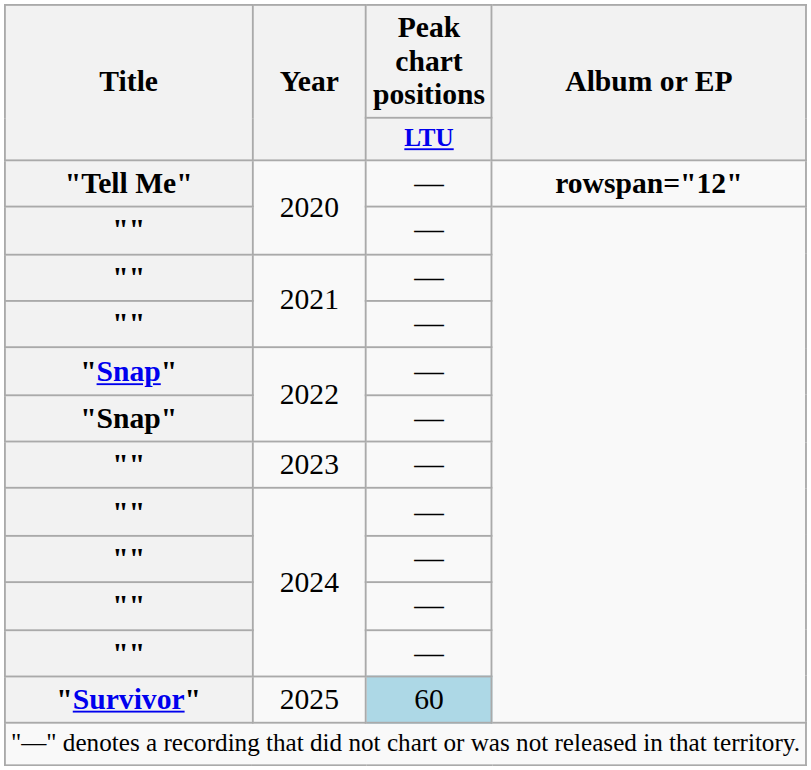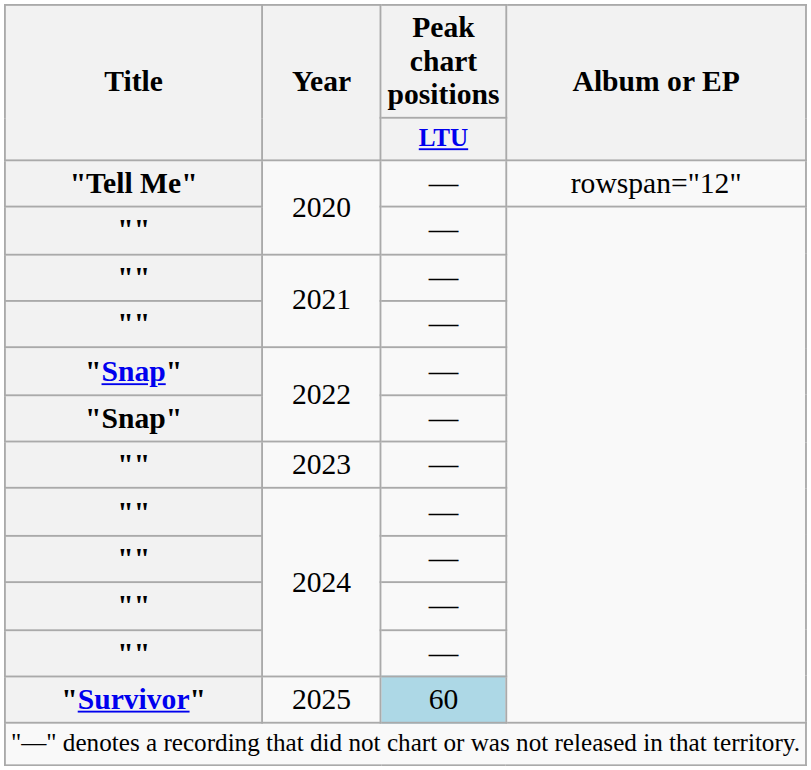 <table class="wikitable plainrowheaders" style="text-align:center;">
 <tr>
 <th scope="col" rowspan="2">Title</th>
 <th scope="col" rowspan="2">Year</th>
 <th scope="col" colspan="1">Peak chart positions</th>
 <th scope="col" rowspan="2">Album or EP</th>
 </tr>
 <tr>
 <th scope="col" style="width:3em;font-size:85%;"><a href='#'>LTU</a><br></th>
 </tr>
 <tr>
 <th scope="row">"Tell Me"</th>
 <td rowspan="2">2020</td>
 <td>—</td>
-<td><strong>rowspan="12" </strong></td>
+<td>rowspan="12" </td>
 </tr>
 <tr>
 <th scope="row">""</th>
 <td>—</td>
 </tr>
 <tr>
 <th scope="row">""</th>
 <td rowspan="2">2021</td>
 <td>—</td>
 </tr>
 <tr>
 <th scope="row">""</th>
 <td>—</td>
 </tr>
 <tr>
 <th scope="row">"<a href='#'>Snap</a>"</th>
 <td rowspan="2">2022</td>
 <td>—</td>
 </tr>
 <tr>
 <th scope="row">"Snap"<br></th>
 <td>—</td>
 </tr>
 <tr>
 <th scope="row">""</th>
 <td>2023</td>
 <td>—</td>
 </tr>
 <tr>
 <th scope="row">""<br></th>
 <td rowspan="4">2024</td>
 <td>—</td>
 </tr>
 <tr>
 <th scope="row">""</th>
 <td>—</td>
 </tr>
 <tr>
 <th scope="row">""</th>
 <td>—</td>
 </tr>
 <tr>
 <th scope="row">""</th>
 <td>—</td>
 </tr>
 <tr>
 <th scope="row">"<a href='#'>Survivor</a>"</th>
 <td>2025</td>
 <td style="background: lightblue;">60</td>
 </tr>
 <tr>
 <td colspan="9" style="font-size:85%">"—" denotes a recording that did not chart or was not released in that territory.</td>
 </tr>
 </table>
